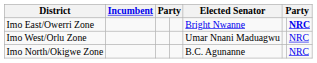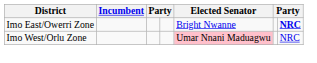 <table class="sortable wikitable" style="font-size:95%;line-height:14px;">
 <tr>
 <th class="unsortable">District</th>
 <th class="unsortable"><a href='#'>Incumbent</a></th>
 <th colspan="2">Party</th>
 <th class="unsortable">Elected Senator</th>
 <th colspan="2">Party</th>
 </tr>
 <tr>
 <td>Imo East/Owerri Zone</td>
 <td></td>
 <td></td>
 <td></td>
 <td><a href='#'>Bright Nwanne</a></td>
 <td style="background:"></td>
 <td><strong><a href='#'>NRC</a></strong></td>
 </tr>
 <tr>
 <td>Imo West/Orlu Zone</td>
 <td></td>
 <td></td>
 <td></td>
-<td>Umar Nnani Maduagwu</td>
-<td style="background:"></td>
-<td><a href='#'>NRC</a></td>
-</tr>
-<tr>
-<td>Imo North/Okigwe Zone</td>
-<td></td>
-<td></td>
-<td></td>
-<td>B.C. Agunanne</td>
+<td style="background: pink;">Umar Nnani Maduagwu</td>
 <td style="background:"></td>
 <td><a href='#'>NRC</a></td>
 </tr>
 </table>
